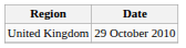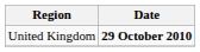 <table class="wikitable">
 <tr>
 <th>Region</th>
 <th>Date</th>
 </tr>
 <tr>
 <td>United Kingdom</td>
-<td>29 October 2010</td>
+<td><strong>29 October 2010</strong></td>
 </tr>
 <tr>
 </tr>
 </table>
